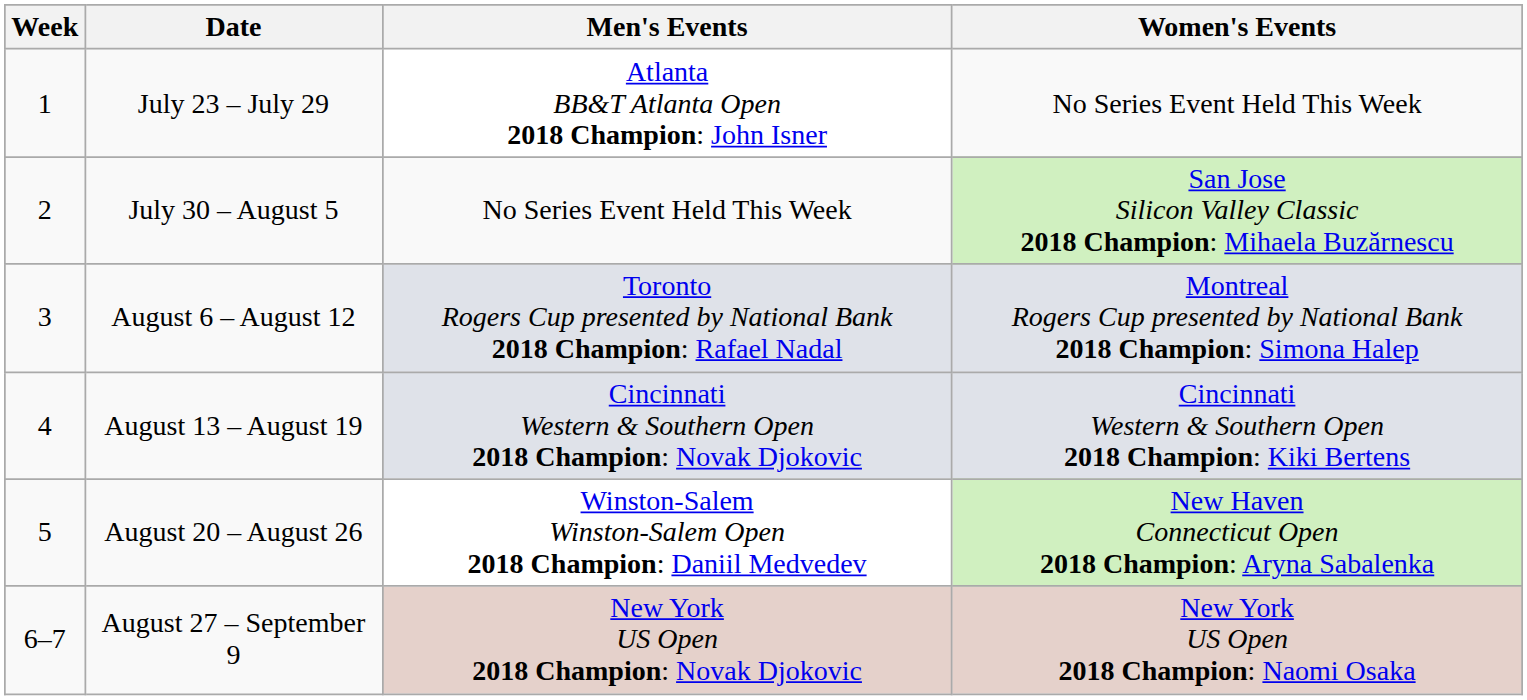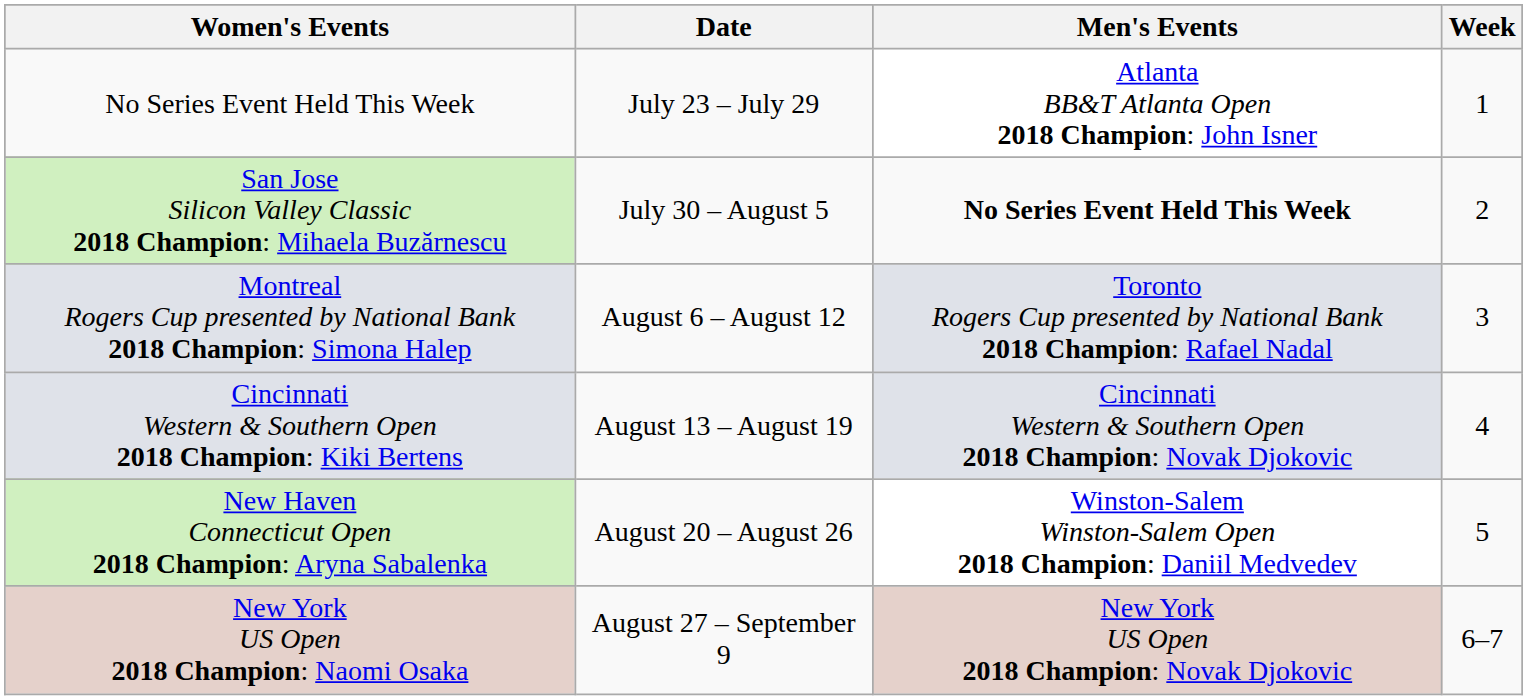 <table class="wikitable">
 <tr>
-<th width=30>Week</th>
+<th width=350>Women's Events</th>
 <th width=175>Date</th>
 <th width=350>Men's Events</th>
-<th width=350>Women's Events</th>
+<th width=30>Week</th>
 </tr>
 <tr align=center>
-<td>1</td>
+<td>No Series Event Held This Week</td>
 <td>July 23 – July 29</td>
 <td bgcolor="#ffffff"><a href='#'>Atlanta</a><br><em>BB&T Atlanta Open</em><br><strong>2018 Champion</strong>:  <a href='#'>John Isner</a></td>
-<td>No Series Event Held This Week</td>
+<td>1</td>
 </tr>
 <tr align=center>
+<td bgcolor=#d0f0c0><a href='#'>San Jose</a><br><em>Silicon Valley Classic</em><br><strong>2018 Champion</strong>:  <a href='#'>Mihaela Buzărnescu</a></td>
+<td>July 30 – August 5</td>
+<td><strong>No Series Event Held This Week</strong></td>
 <td>2</td>
-<td>July 30 – August 5</td>
-<td>No Series Event Held This Week</td>
-<td bgcolor=#d0f0c0><a href='#'>San Jose</a><br><em>Silicon Valley Classic</em><br><strong>2018 Champion</strong>:  <a href='#'>Mihaela Buzărnescu</a></td>
 </tr>
 <tr align=center>
-<td>3</td>
+<td bgcolor=#dfe2e9><a href='#'>Montreal</a><br><em>Rogers Cup presented by National Bank</em><br><strong>2018 Champion</strong>:  <a href='#'>Simona Halep</a></td>
 <td>August 6 – August 12</td>
 <td bgcolor=#dfe2e9><a href='#'>Toronto</a><br><em>Rogers Cup presented by National Bank</em><br><strong>2018 Champion</strong>:  <a href='#'>Rafael Nadal</a></td>
-<td bgcolor=#dfe2e9><a href='#'>Montreal</a><br><em>Rogers Cup presented by National Bank</em><br><strong>2018 Champion</strong>:  <a href='#'>Simona Halep</a></td>
+<td>3</td>
 </tr>
 <tr align=center>
-<td>4</td>
+<td bgcolor=#dfe2e9><a href='#'>Cincinnati</a><br><em>Western & Southern Open</em><br><strong>2018 Champion</strong>:  <a href='#'>Kiki Bertens</a></td>
 <td>August 13 – August 19</td>
 <td bgcolor=#dfe2e9><a href='#'>Cincinnati</a><br><em>Western & Southern Open</em><br><strong>2018 Champion</strong>:  <a href='#'>Novak Djokovic</a></td>
-<td bgcolor=#dfe2e9><a href='#'>Cincinnati</a><br><em>Western & Southern Open</em><br><strong>2018 Champion</strong>:  <a href='#'>Kiki Bertens</a></td>
+<td>4</td>
 </tr>
 <tr align=center>
-<td>5</td>
+<td bgcolor=#d0f0c0><a href='#'>New Haven</a><br> <em>Connecticut Open</em><br><strong>2018 Champion</strong>:  <a href='#'>Aryna Sabalenka</a></td>
 <td>August 20 – August 26</td>
 <td bgcolor=#ffffff><a href='#'>Winston-Salem</a><br> <em>Winston-Salem Open</em><br><strong>2018 Champion</strong>:  <a href='#'>Daniil Medvedev</a></td>
-<td bgcolor=#d0f0c0><a href='#'>New Haven</a><br> <em>Connecticut Open</em><br><strong>2018 Champion</strong>:  <a href='#'>Aryna Sabalenka</a></td>
+<td>5</td>
 </tr>
 <tr align=center>
-<td>6–7</td>
+<td bgcolor="e5d1cb"><a href='#'>New York</a><br> <em>US Open</em><br><strong>2018 Champion</strong>:   <a href='#'>Naomi Osaka</a></td>
 <td>August 27 – September 9</td>
 <td bgcolor=#e5d1cb><a href='#'>New York</a><br> <em>US Open</em><br><strong>2018 Champion</strong>:  <a href='#'>Novak Djokovic</a></td>
-<td bgcolor="e5d1cb"><a href='#'>New York</a><br> <em>US Open</em><br><strong>2018 Champion</strong>:   <a href='#'>Naomi Osaka</a></td>
+<td>6–7</td>
 </tr>
 </table>
